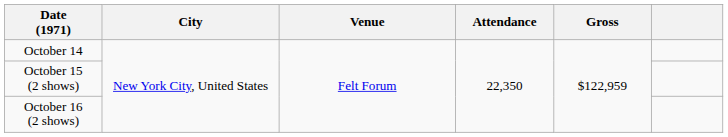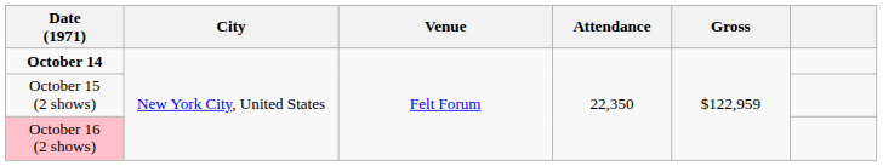 <table class="wikitable sortable plainrowheaders" style="text-align:center;">
 <tr>
 <th scope="col" style="width:7em;">Date<br>(1971)</th>
 <th scope="col" style="width:13em;">City</th>
 <th scope="col" style="width:13em;">Venue</th>
 <th scope="col" style="width:7em;">Attendance</th>
 <th scope="col" style="width:7em;">Gross</th>
 <th scope="col" style="width:5em;" class="unsortable"></th>
 </tr>
 <tr>
-<td>October 14</td>
+<td><strong>October 14</strong></td>
 <td rowspan="3"><a href='#'>New York City</a>, United States</td>
 <td rowspan="3"><a href='#'>Felt Forum</a></td>
 <td rowspan="3">22,350</td>
 <td rowspan="3">$122,959</td>
 <td></td>
 </tr>
 <tr>
 <td>October 15<br>(2 shows)</td>
 <td></td>
 </tr>
 <tr>
-<td>October 16<br>(2 shows)</td>
+<td style="background: pink;">October 16<br>(2 shows)</td>
 <td></td>
 </tr>
 </table>
